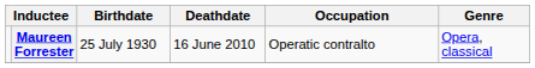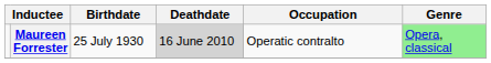 <table class="wikitable" width="100%">
 <tr>
 <th colspan=2>Inductee</th>
 <th width="20%">Birthdate</th>
 <th width="20%">Deathdate</th>
 <th width="40%">Occupation</th>
 <th width="40%">Genre</th>
 </tr>
 <tr>
 <td></td>
 <th><a href='#'>Maureen Forrester</a></th>
 <td>25 July 1930</td>
-<td>16 June 2010</td>
+<td style="background: lightgrey;">16 June 2010</td>
 <td>Operatic contralto</td>
-<td><a href='#'>Opera</a>, <a href='#'>classical</a></td>
+<td style="background: lightgreen;"><a href='#'>Opera</a>, <a href='#'>classical</a></td>
 </tr>
 <tr>
 </tr>
 </table>
